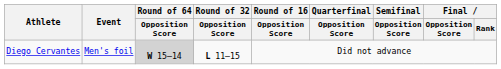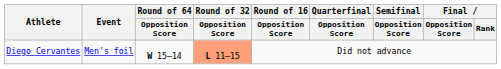 <table class="wikitable" style="font-size:90%">
 <tr>
 <th rowspan="2">Athlete</th>
 <th rowspan="2">Event</th>
 <th>Round of 64</th>
 <th>Round of 32</th>
 <th>Round of 16</th>
 <th>Quarterfinal</th>
 <th>Semifinal</th>
 <th colspan=2>Final / </th>
 </tr>
 <tr style="font-size:95%">
 <th>Opposition <br> Score</th>
 <th>Opposition <br> Score</th>
 <th>Opposition <br> Score</th>
 <th>Opposition <br> Score</th>
 <th>Opposition <br> Score</th>
 <th>Opposition <br> Score</th>
 <th>Rank</th>
 </tr>
 <tr align=center>
 <td align=left><a href='#'>Diego Cervantes</a></td>
 <td align=left><a href='#'>Men's foil</a></td>
-<td style="background: lightgrey;"><br><strong>W</strong> 15–14</td>
-<td><br><strong>L</strong> 11–15</td>
+<td><br><strong>W</strong> 15–14</td>
+<td style="background: lightsalmon;"><br><strong>L</strong> 11–15</td>
 <td colspan=5>Did not advance</td>
 </tr>
 </table>
